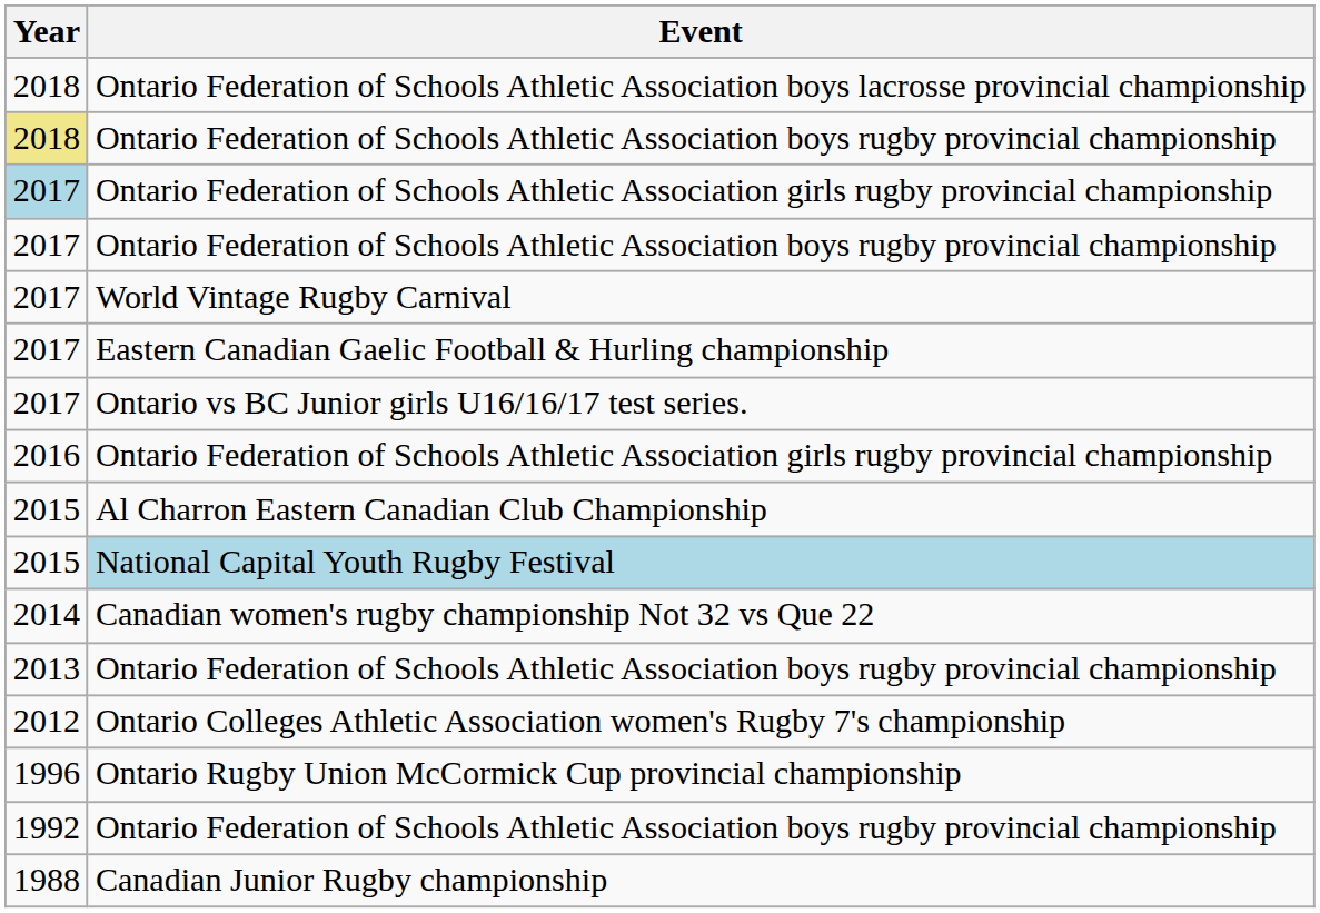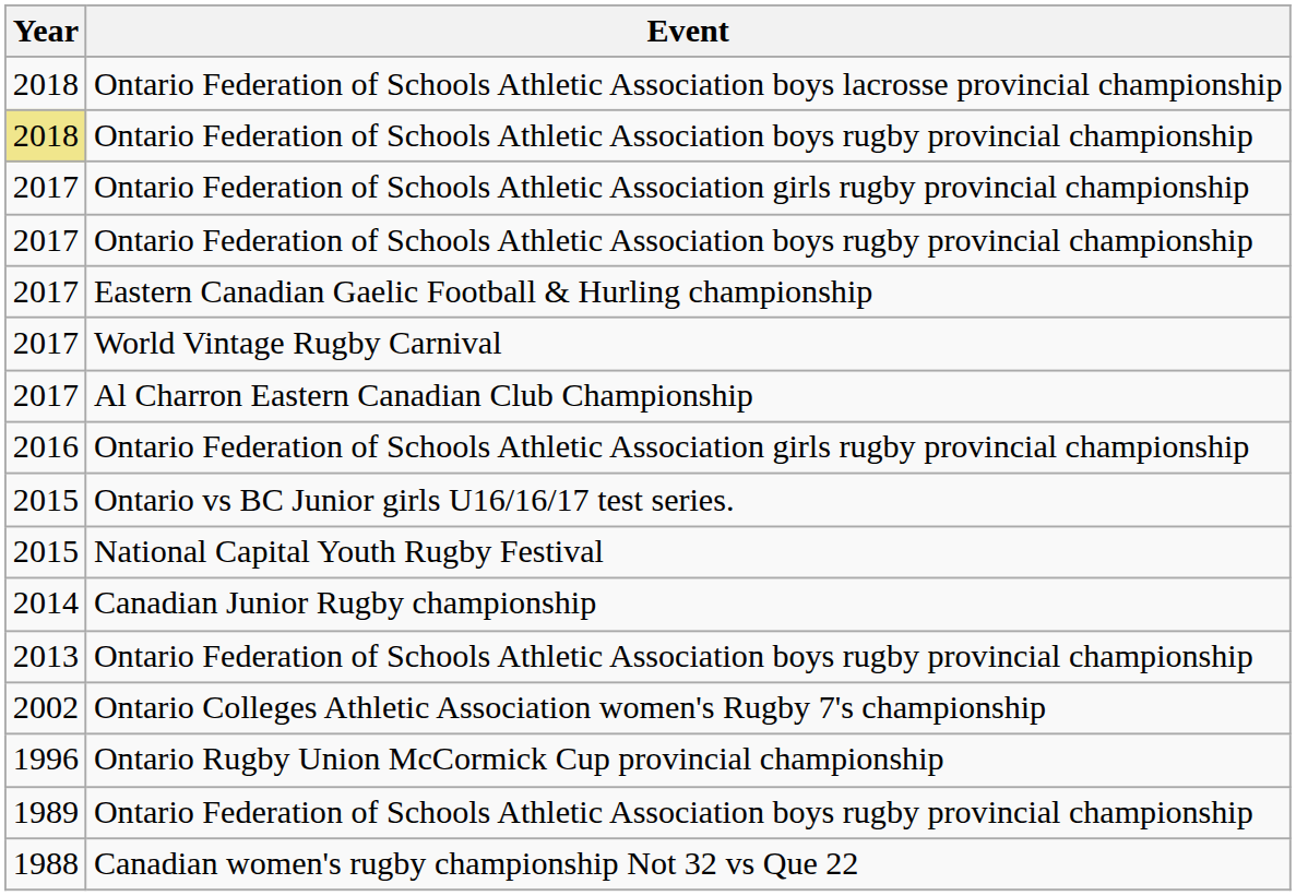 <table class="wikitable">
 <tr>
 <th>Year</th>
 <th>Event</th>
 </tr>
 <tr>
 <td>2018</td>
 <td>Ontario Federation of Schools Athletic Association boys lacrosse provincial championship</td>
 </tr>
 <tr>
 <td style="background: khaki;">2018</td>
 <td>Ontario Federation of Schools Athletic Association boys rugby provincial championship</td>
 </tr>
 <tr>
-<td style="background: lightblue;">2017</td>
+<td>2017</td>
 <td>Ontario Federation of Schools Athletic Association girls rugby provincial championship</td>
 </tr>
 <tr>
 <td>2017</td>
 <td>Ontario Federation of Schools Athletic Association boys rugby provincial championship</td>
 </tr>
 <tr>
 <td>2017</td>
+<td>Eastern Canadian Gaelic Football & Hurling championship</td>
+</tr>
+<tr>
+<td>2017</td>
 <td>World Vintage Rugby Carnival</td>
 </tr>
 <tr>
 <td>2017</td>
-<td>Eastern Canadian Gaelic Football & Hurling championship</td>
-</tr>
-<tr>
-<td>2017</td>
-<td>Ontario vs BC Junior girls U16/16/17 test series.</td>
+<td>Al Charron Eastern Canadian Club Championship</td>
 </tr>
 <tr>
 <td>2016</td>
 <td>Ontario Federation of Schools Athletic Association girls rugby provincial championship</td>
 </tr>
 <tr>
 <td>2015</td>
-<td>Al Charron Eastern Canadian Club Championship</td>
+<td>Ontario vs BC Junior girls U16/16/17 test series.</td>
 </tr>
 <tr>
 <td>2015</td>
-<td style="background: lightblue;">National Capital Youth Rugby Festival</td>
+<td>National Capital Youth Rugby Festival</td>
 </tr>
 <tr>
 <td>2014</td>
-<td>Canadian women's rugby championship Not 32 vs Que 22</td>
+<td>Canadian Junior Rugby championship</td>
 </tr>
 <tr>
 <td>2013</td>
 <td>Ontario Federation of Schools Athletic Association boys rugby provincial championship</td>
 </tr>
 <tr>
-<td>2012</td>
+<td>2002</td>
 <td>Ontario Colleges Athletic Association women's Rugby 7's championship</td>
 </tr>
 <tr>
 <td>1996</td>
 <td>Ontario Rugby Union McCormick Cup provincial championship</td>
 </tr>
 <tr>
-<td>1992</td>
+<td>1989</td>
 <td>Ontario Federation of Schools Athletic Association boys rugby provincial championship</td>
 </tr>
 <tr>
 <td>1988</td>
-<td>Canadian Junior Rugby championship</td>
+<td>Canadian women's rugby championship Not 32 vs Que 22</td>
 </tr>
 </table>
